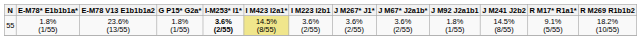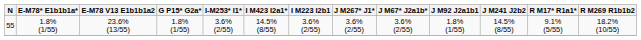 <table class="wikitable sortable" style="text-align:center; font-size: 70%;">
 <tr>
 <th>N</th>
 <th>E-M78* E1b1b1a*</th>
 <th>E-M78 V13 E1b1b1a2</th>
 <th>G P15* G2a*</th>
 <th>I-M253* I1*</th>
 <th>I M423 I2a1*</th>
 <th>I M223 I2b1</th>
 <th>J M267* J1*</th>
 <th>J M67* J2a1b*</th>
 <th>J M92 J2a1b1</th>
 <th>J M241 J2b2</th>
 <th>R M17* R1a1*</th>
 <th>R M269 R1b1b2</th>
 </tr>
 <tr>
 <td>55</td>
 <td>1.8%<br>(1/55)</td>
 <td>23.6%<br>(13/55)</td>
 <td>1.8%<br>(1/55)</td>
-<td><strong>3.6%<br>(2/55)</strong></td>
-<td style="background: khaki;">14.5%<br>(8/55)</td>
+<td>3.6%<br>(2/55)</td>
+<td>14.5%<br>(8/55)</td>
 <td>3.6%<br>(2/55)</td>
 <td>3.6%<br>(2/55)</td>
 <td>3.6%<br>(2/55)</td>
 <td>1.8%<br>(1/55)</td>
 <td>14.5%<br>(8/55)</td>
 <td>9.1%<br>(5/55)</td>
 <td>18.2%<br>(10/55)</td>
 </tr>
 <tr>
 </tr>
 </table>
